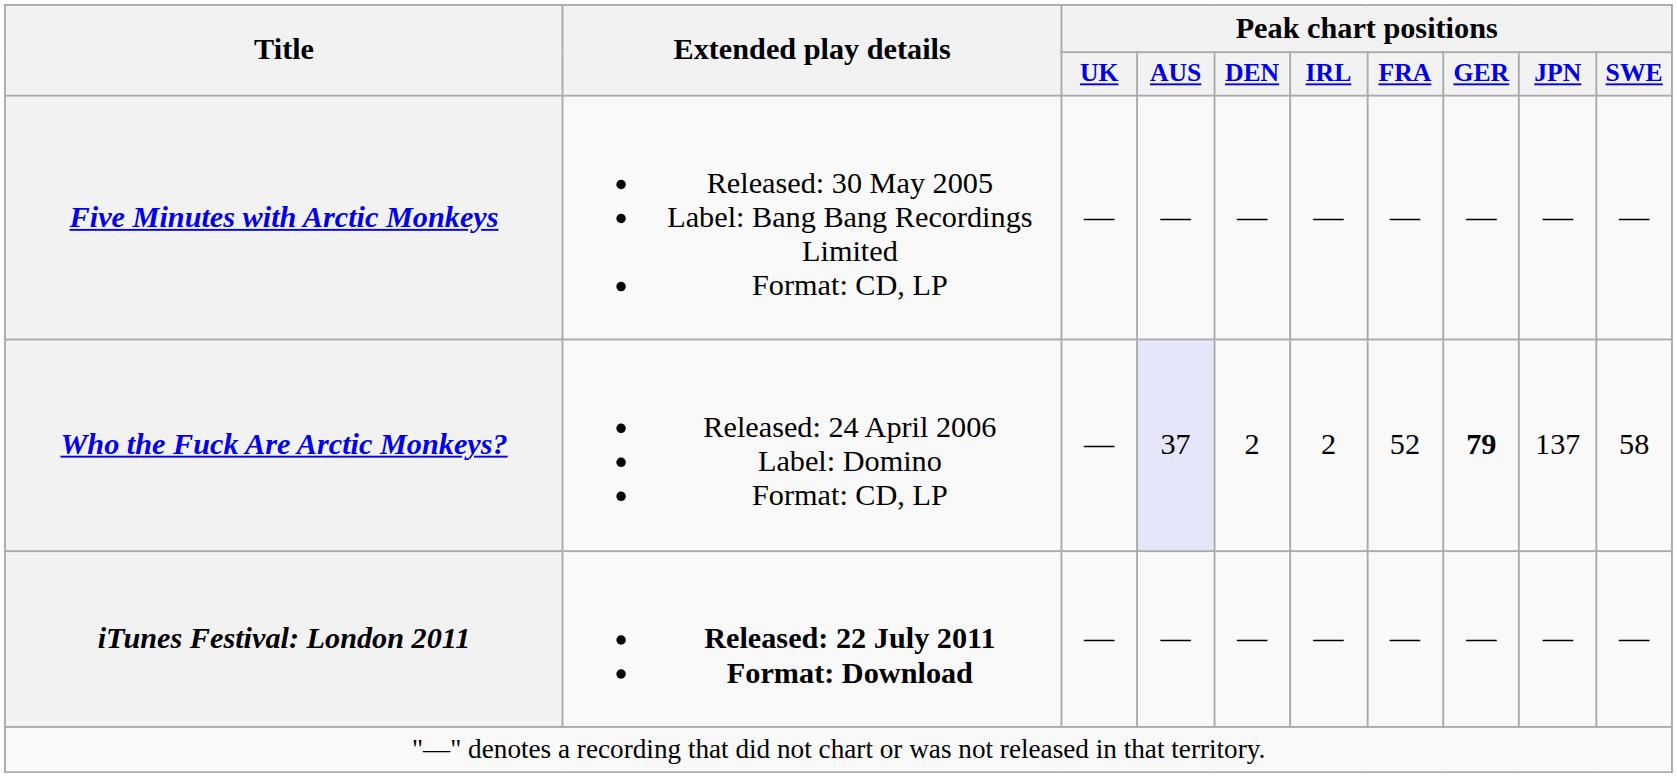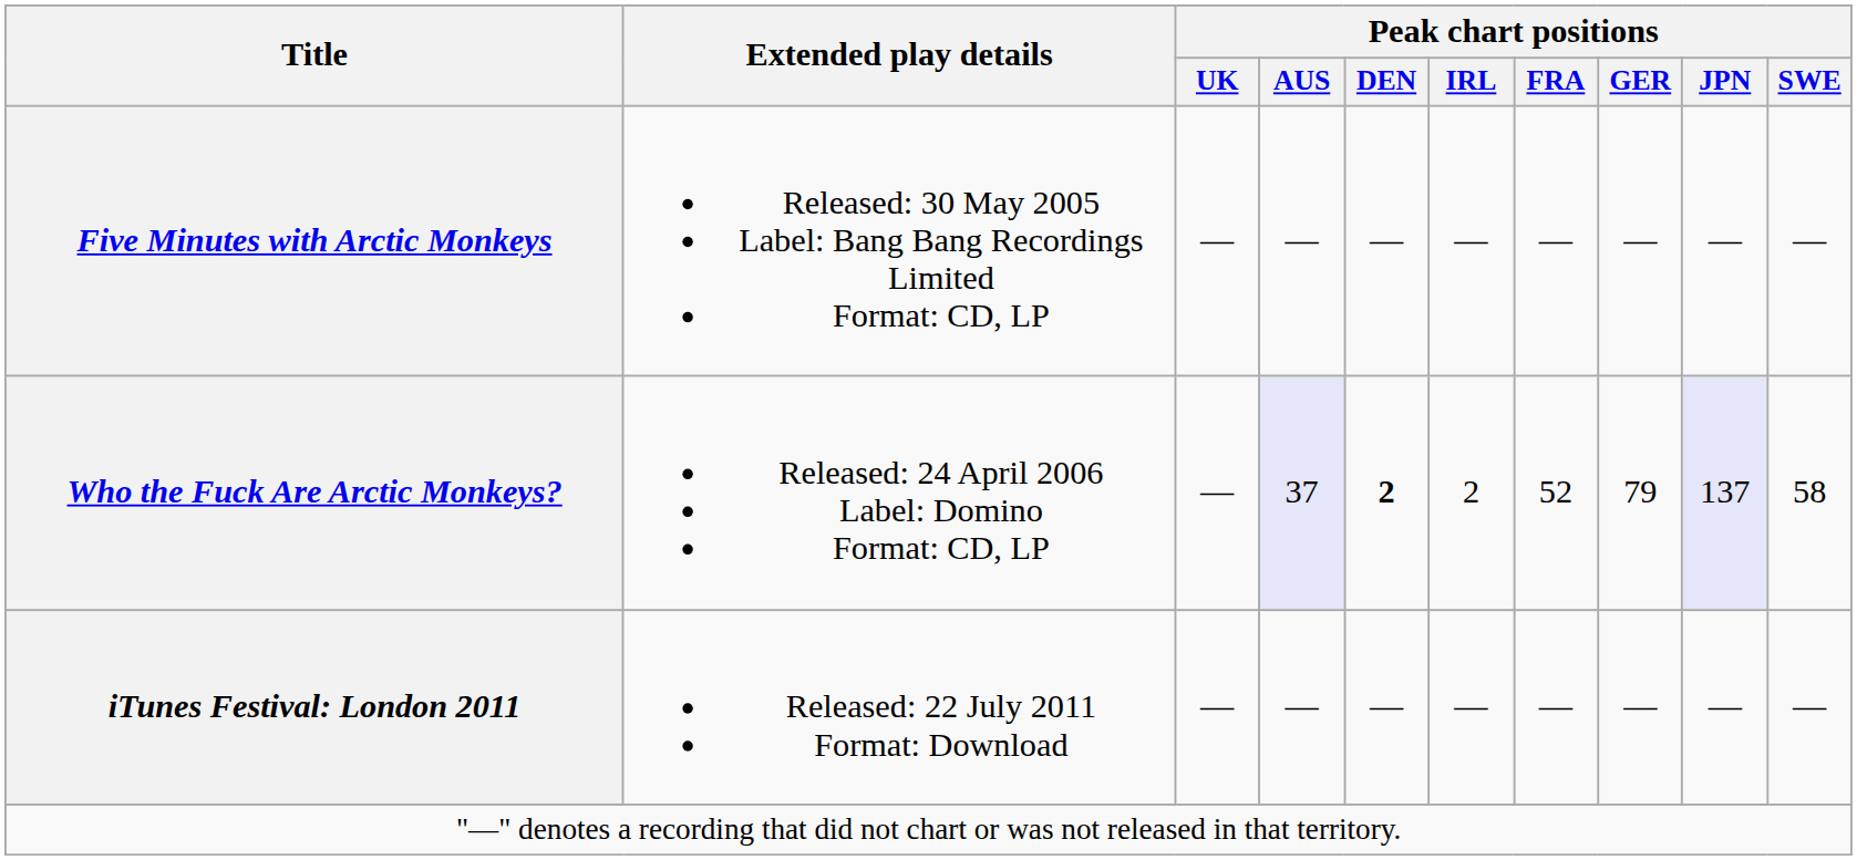 <table class="wikitable plainrowheaders" style="text-align:center;" border="1">
 <tr>
 <th scope="col" rowspan="2" style="width:18em;">Title</th>
 <th scope="col" rowspan="2" style="width:16em;">Extended play details</th>
 <th colspan="8">Peak chart positions</th>
 </tr>
 <tr>
 <th scope="col" style="width:2.5em;font-size:85%;"><a href='#'>UK</a><br></th>
 <th scope="col" style="width:2.5em;font-size:85%;"><a href='#'>AUS</a><br></th>
 <th scope="col" style="width:2.5em;font-size:85%;"><a href='#'>DEN</a><br></th>
 <th scope="col" style="width:2.5em;font-size:85%;"><a href='#'>IRL</a><br></th>
 <th scope="col" style="width:2.5em;font-size:85%;"><a href='#'>FRA</a><br></th>
 <th scope="col" style="width:2.5em;font-size:85%;"><a href='#'>GER</a><br></th>
 <th scope="col" style="width:2.5em;font-size:85%;"><a href='#'>JPN</a><br></th>
 <th scope="col" style="width:2.5em;font-size:85%;"><a href='#'>SWE</a><br></th>
 </tr>
 <tr>
 <th scope="row"><em><a href='#'>Five Minutes with Arctic Monkeys</a></em></th>
 <td><br><ul><li>Released: 30 May 2005</li><li>Label: Bang Bang Recordings Limited</li><li>Format: CD, LP</li></ul></td>
 <td>—</td>
 <td>—</td>
 <td>—</td>
 <td>—</td>
 <td>—</td>
 <td>—</td>
 <td>—</td>
 <td>—</td>
 </tr>
 <tr>
 <th scope="row"><em><a href='#'>Who the Fuck Are Arctic Monkeys?</a></em></th>
 <td><br><ul><li>Released: 24 April 2006</li><li>Label: Domino</li><li>Format: CD, LP</li></ul></td>
 <td>—</td>
 <td style="background: lavender;">37</td>
-<td>2</td>
+<td><strong>2</strong></td>
 <td>2</td>
 <td>52</td>
-<td><strong>79</strong></td>
-<td>137</td>
+<td>79</td>
+<td style="background: lavender;">137</td>
 <td>58</td>
 </tr>
 <tr>
 <th scope="row"><em>iTunes Festival: London 2011</em></th>
-<td><strong><br><ul><li>Released: 22 July 2011</li><li>Format: Download</li></ul></strong></td>
+<td><br><ul><li>Released: 22 July 2011</li><li>Format: Download</li></ul></td>
 <td>—</td>
 <td>—</td>
 <td>—</td>
 <td>—</td>
 <td>—</td>
 <td>—</td>
 <td>—</td>
 <td>—</td>
 </tr>
 <tr>
 <td colspan="11" style="font-size:90%">"—" denotes a recording that did not chart or was not released in that territory.</td>
 </tr>
 </table>
